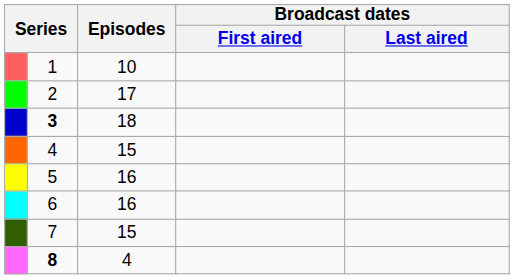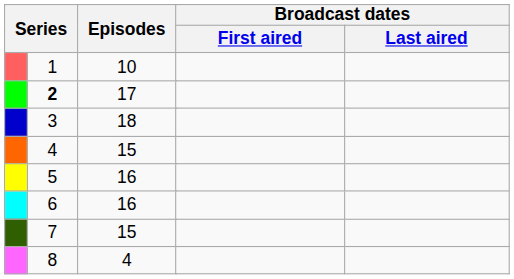 <table class="wikitable plainrowheaders" style=text-align:center>
 <tr>
 <th scope=col style="padding:0 9px" colspan=2 rowspan=2>Series</th>
 <th scope=col style="padding:0 9px" colspan=2 rowspan=2>Episodes</th>
 <th scope=col style="padding:0 90px" colspan=2>Broadcast dates</th>
 </tr>
 <tr>
 <th scope=col><a href='#'>First aired</a></th>
 <th scope=col><a href='#'>Last aired</a></th>
 </tr>
 <tr>
 <td scope=row style=background:#FF5F5F></td>
 <td>1</td>
 <td colspan=2>10</td>
 <td></td>
 <td></td>
 </tr>
 <tr>
 <td scope=row style=background:#00FF00></td>
-<td>2</td>
+<td><strong>2</strong></td>
 <td colspan=2>17</td>
 <td></td>
 <td></td>
 </tr>
 <tr>
 <td scope=row style=background:#0000CC></td>
-<td><strong>3</strong></td>
+<td>3</td>
 <td colspan=2>18</td>
 <td></td>
 <td></td>
 </tr>
 <tr>
 <td scope=row style=background:#FF6600></td>
 <td>4</td>
 <td colspan=2>15</td>
 <td></td>
 <td></td>
 </tr>
 <tr>
 <td scope=row style=background:#FFFF00></td>
 <td>5</td>
 <td colspan=2>16</td>
 <td></td>
 <td></td>
 </tr>
 <tr>
 <td scope=row style=background:#00FFFF></td>
 <td>6</td>
 <td colspan=2>16</td>
 <td></td>
 <td></td>
 </tr>
 <tr>
 <td scope=row style=background:#2F5F00></td>
 <td>7</td>
 <td colspan=2>15</td>
 <td></td>
 <td></td>
 </tr>
 <tr>
 <td scope=row style=background:#FF66FF></td>
-<td><strong>8</strong></td>
+<td>8</td>
 <td colspan=2>4</td>
 <td></td>
 <td></td>
 </tr>
 </table>
